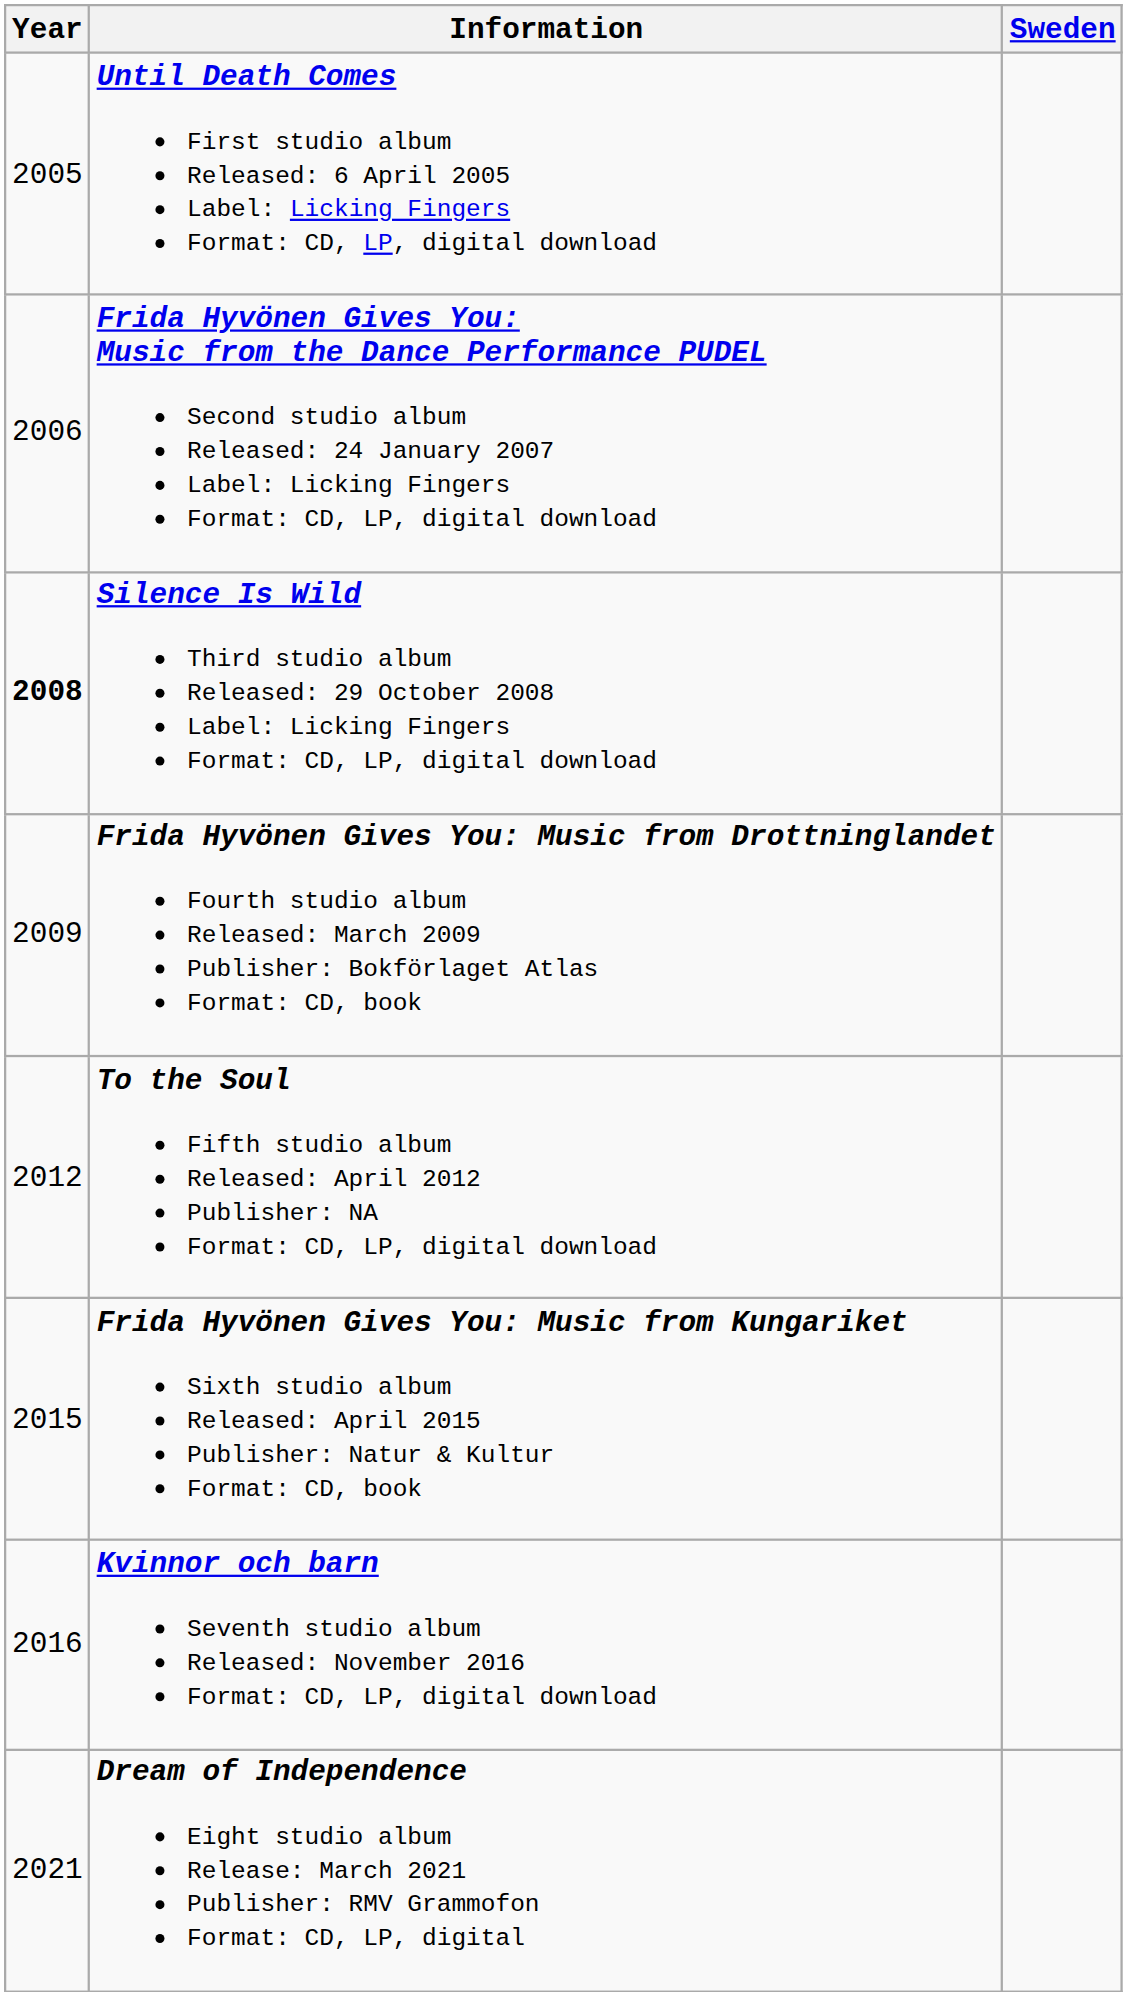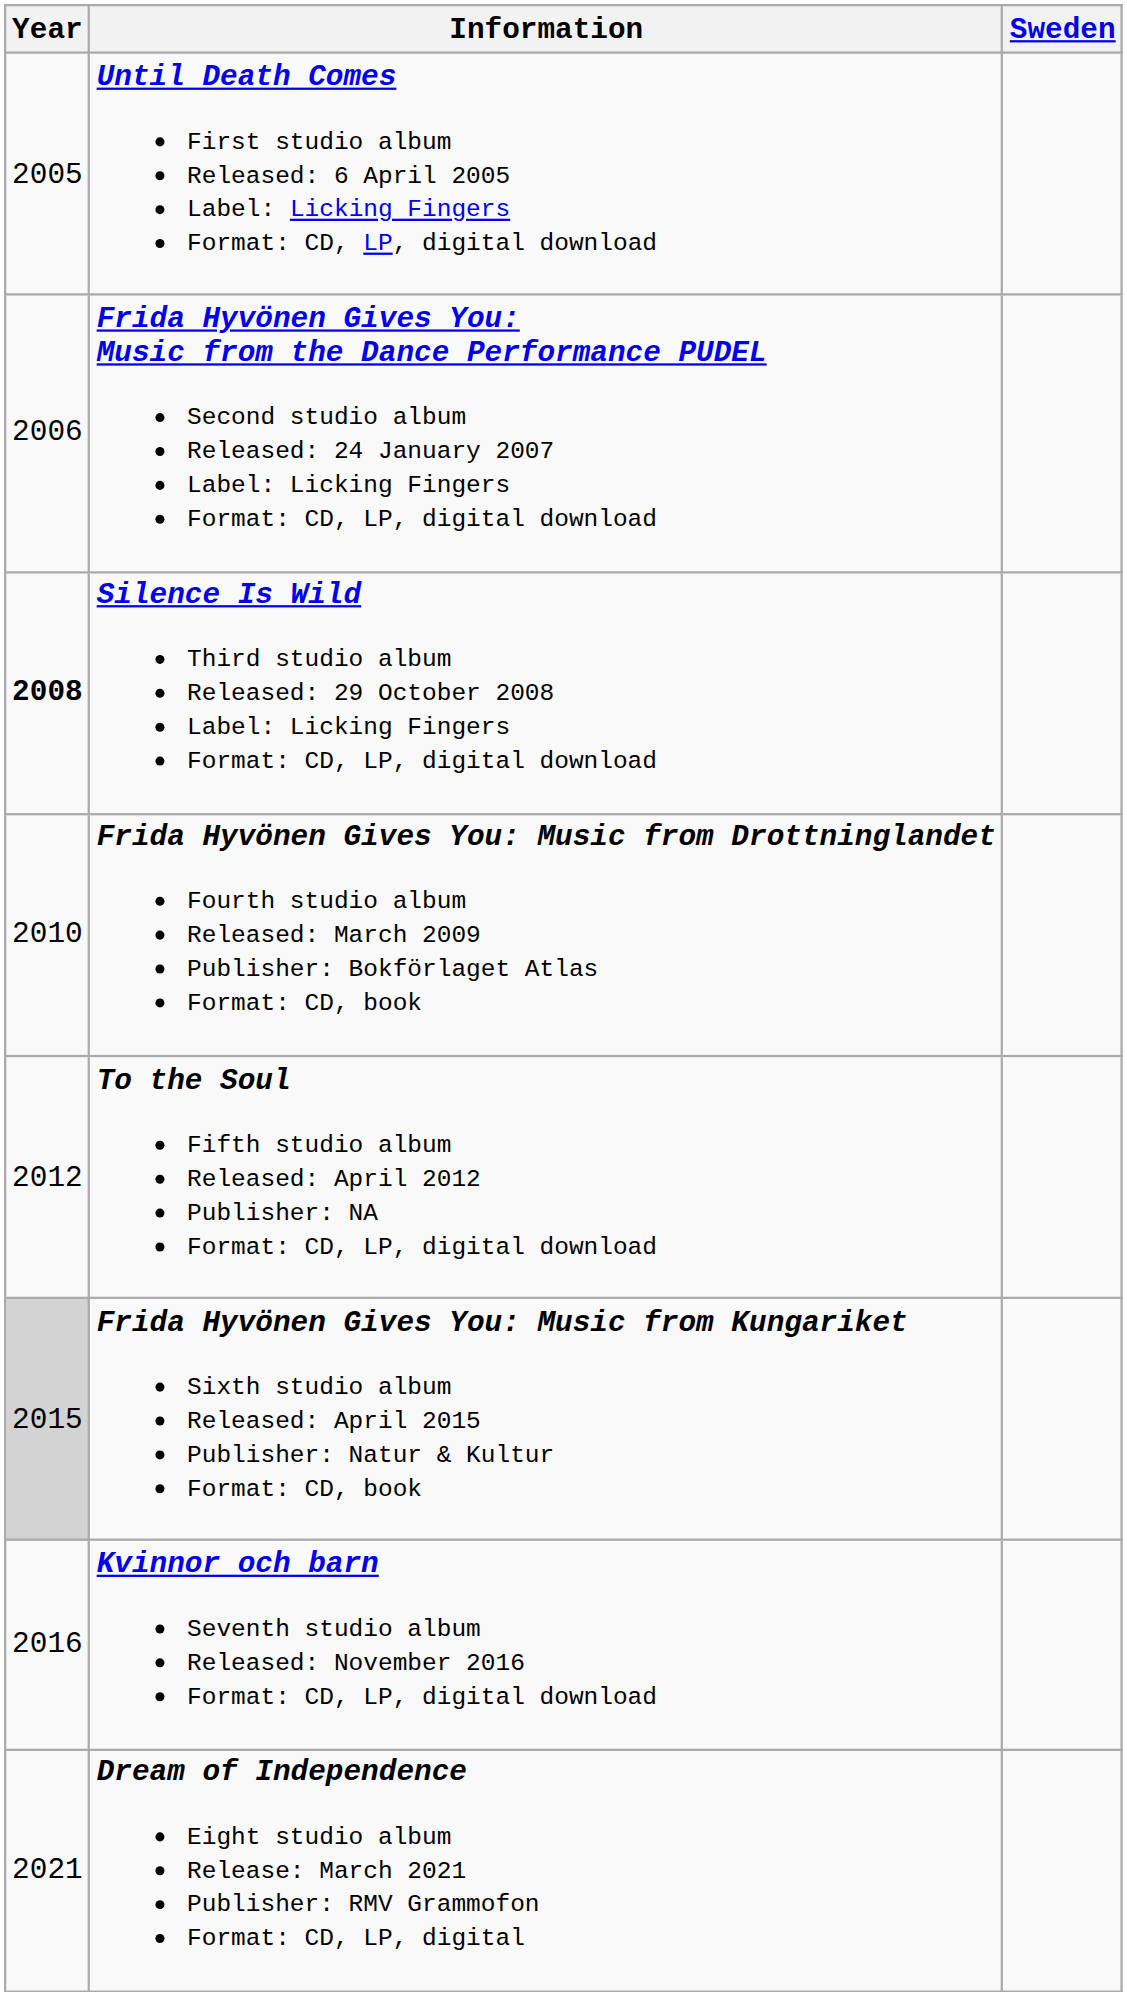 <table class="wikitable">
 <tr>
 <th align="center" rowspan="1">Year</th>
 <th align="center" rowspan="1">Information</th>
 <th align="center" rowspan="1"><a href='#'>Sweden</a></th>
 </tr>
 <tr>
 <td>2005</td>
 <td><strong><em><a href='#'>Until Death Comes</a></em></strong><br><ul><li><small>First studio album</small></li><li><small>Released: 6 April 2005</small></li><li><small>Label: <a href='#'>Licking Fingers</a></small></li><li><small>Format: CD, <a href='#'>LP</a>, digital download</small></li></ul></td>
 <td></td>
 </tr>
 <tr>
 <td>2006</td>
 <td><strong><em><a href='#'>Frida Hyvönen Gives You:<br>Music from the Dance Performance PUDEL</a></em></strong><br><ul><li><small>Second studio album</small></li><li><small>Released: 24 January 2007</small></li><li><small>Label: Licking Fingers</small></li><li><small>Format: CD, LP, digital download</small></li></ul></td>
 <td></td>
 </tr>
 <tr>
 <td><strong>2008</strong></td>
 <td><strong><em><a href='#'>Silence Is Wild</a></em></strong><br><ul><li><small>Third studio album</small></li><li><small>Released: 29 October 2008</small></li><li><small>Label: Licking Fingers</small></li><li><small>Format: CD, LP, digital download</small></li></ul></td>
 <td></td>
 </tr>
 <tr>
-<td>2009</td>
+<td>2010</td>
 <td><strong><em>Frida Hyvönen Gives You: Music from Drottninglandet</em></strong><br><ul><li><small>Fourth studio album</small></li><li><small>Released: March 2009</small></li><li><small>Publisher: Bokförlaget Atlas</small></li><li><small>Format: CD, book</small></li></ul></td>
 <td></td>
 </tr>
 <tr>
 <td>2012</td>
 <td><strong><em>To the Soul</em></strong><br><ul><li><small>Fifth studio album</small></li><li><small>Released: April 2012</small></li><li><small>Publisher: NA</small></li><li><small>Format: CD, LP, digital download</small></li></ul></td>
 <td></td>
 </tr>
 <tr>
-<td>2015</td>
+<td style="background: lightgrey;">2015</td>
 <td><strong><em>Frida Hyvönen Gives You: Music from Kungariket</em></strong><br><ul><li><small>Sixth studio album</small></li><li><small>Released: April 2015</small></li><li><small>Publisher: Natur & Kultur</small></li><li><small>Format: CD, book</small></li></ul></td>
 <td></td>
 </tr>
 <tr>
 <td>2016</td>
 <td><strong><em><a href='#'>Kvinnor och barn</a></em></strong><br><ul><li><small>Seventh studio album</small></li><li><small>Released: November 2016</small></li><li><small>Format: CD, LP, digital download</small></li></ul></td>
 <td></td>
 </tr>
 <tr>
 <td>2021</td>
 <td><strong><em>Dream of Independence</em></strong><br><ul><li><small>Eight studio album</small></li><li><small>Release: March 2021</small></li><li><small>Publisher: RMV Grammofon</small></li><li><small>Format: CD, LP, digital</small></li></ul></td>
 <td></td>
 </tr>
 </table>
